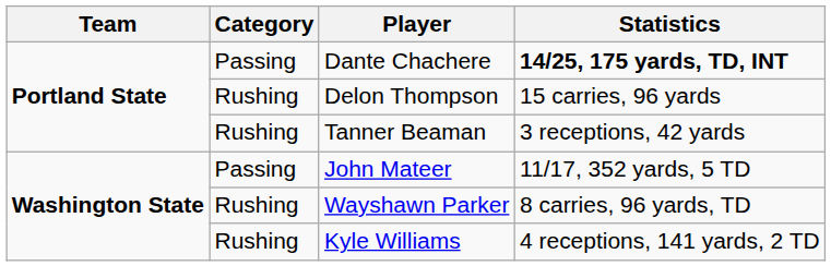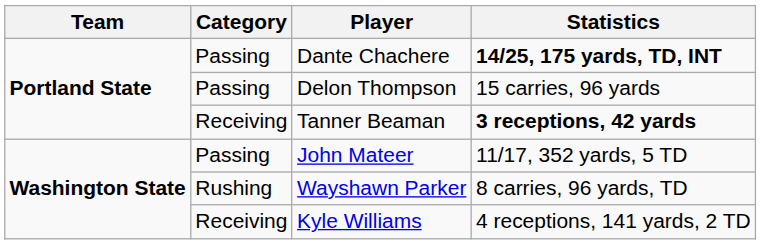 <table class="wikitable" style="float: right;">
 <tr>
 <th>Team</th>
 <th>Category</th>
 <th>Player</th>
 <th>Statistics</th>
 </tr>
 <tr>
 <td rowspan=3><strong>Portland State</strong></td>
 <td>Passing</td>
 <td>Dante Chachere</td>
 <td><strong>14/25, 175 yards, TD, INT</strong></td>
 </tr>
 <tr>
-<td>Rushing</td>
+<td>Passing</td>
 <td>Delon Thompson</td>
 <td>15 carries, 96 yards</td>
 </tr>
 <tr>
-<td>Rushing</td>
+<td>Receiving</td>
 <td>Tanner Beaman</td>
-<td>3 receptions, 42 yards</td>
+<td><strong>3 receptions, 42 yards</strong></td>
 </tr>
 <tr>
 <td rowspan=3><strong>Washington State</strong></td>
 <td>Passing</td>
 <td><a href='#'>John Mateer</a></td>
 <td>11/17, 352 yards, 5 TD</td>
 </tr>
 <tr>
 <td>Rushing</td>
 <td><a href='#'>Wayshawn Parker</a></td>
 <td>8 carries, 96 yards, TD</td>
 </tr>
 <tr>
-<td>Rushing</td>
+<td>Receiving</td>
 <td><a href='#'>Kyle Williams</a></td>
 <td>4 receptions, 141 yards, 2 TD</td>
 </tr>
 </table>
